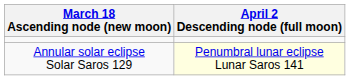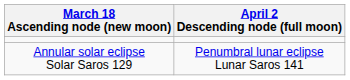 <table class="wikitable">
 <tr>
 <th><a href='#'>March 18</a><br>Ascending node (new moon)<br></th>
 <th><a href='#'>April 2</a><br>Descending node (full moon)<br></th>
 </tr>
 <tr>
 <td></td>
 <td></td>
 </tr>
 <tr align=center>
 <td><a href='#'>Annular solar eclipse</a><br>Solar Saros 129</td>
-<td style="background: lightyellow;"><a href='#'>Penumbral lunar eclipse</a><br>Lunar Saros 141</td>
+<td><a href='#'>Penumbral lunar eclipse</a><br>Lunar Saros 141</td>
 </tr>
 </table>
